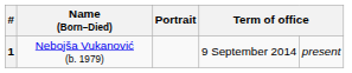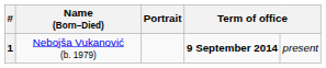 <table class="wikitable" style="text-align:center">
 <tr ->
 <th>#</th>
 <th width="180">Name<br><small>(Born–Died)</small></th>
 <th>Portrait</th>
 <th colspan="2">Term  of office</th>
 </tr>
 <tr ->
 <th align=center style="background: ">1</th>
 <td><a href='#'>Nebojša Vukanović</a><br><small>(b. 1979)</small></td>
 <td></td>
-<td>9 September 2014</td>
+<td><strong>9 September 2014</strong></td>
 <td><em>present</em></td>
 </tr>
 </table>
